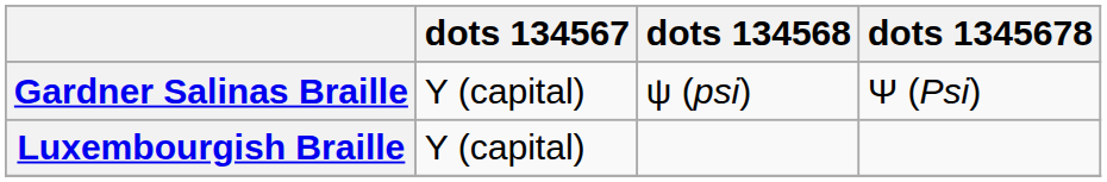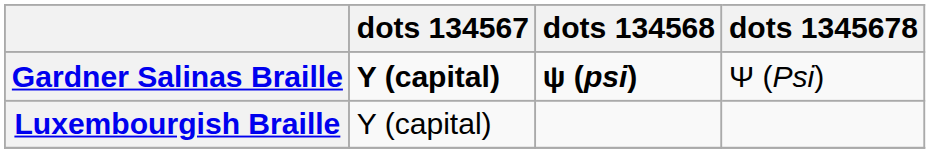 <table class="wikitable">
 <tr>
 <th></th>
 <th>dots 134567</th>
 <th>dots 134568</th>
 <th>dots 1345678</th>
 </tr>
 <tr>
 <th align=left><a href='#'>Gardner Salinas Braille</a></th>
-<td>Y (capital)</td>
-<td>ψ (<em>psi</em>)</td>
+<td><strong>Y (capital)</strong></td>
+<td><strong>ψ (<em>psi</em>)</strong></td>
 <td>Ψ (<em>Psi</em>)</td>
 </tr>
 <tr>
 <th align=left><a href='#'>Luxembourgish Braille</a></th>
 <td>Y (capital)</td>
 <td></td>
 <td></td>
 </tr>
 <tr>
 </tr>
 </table>
